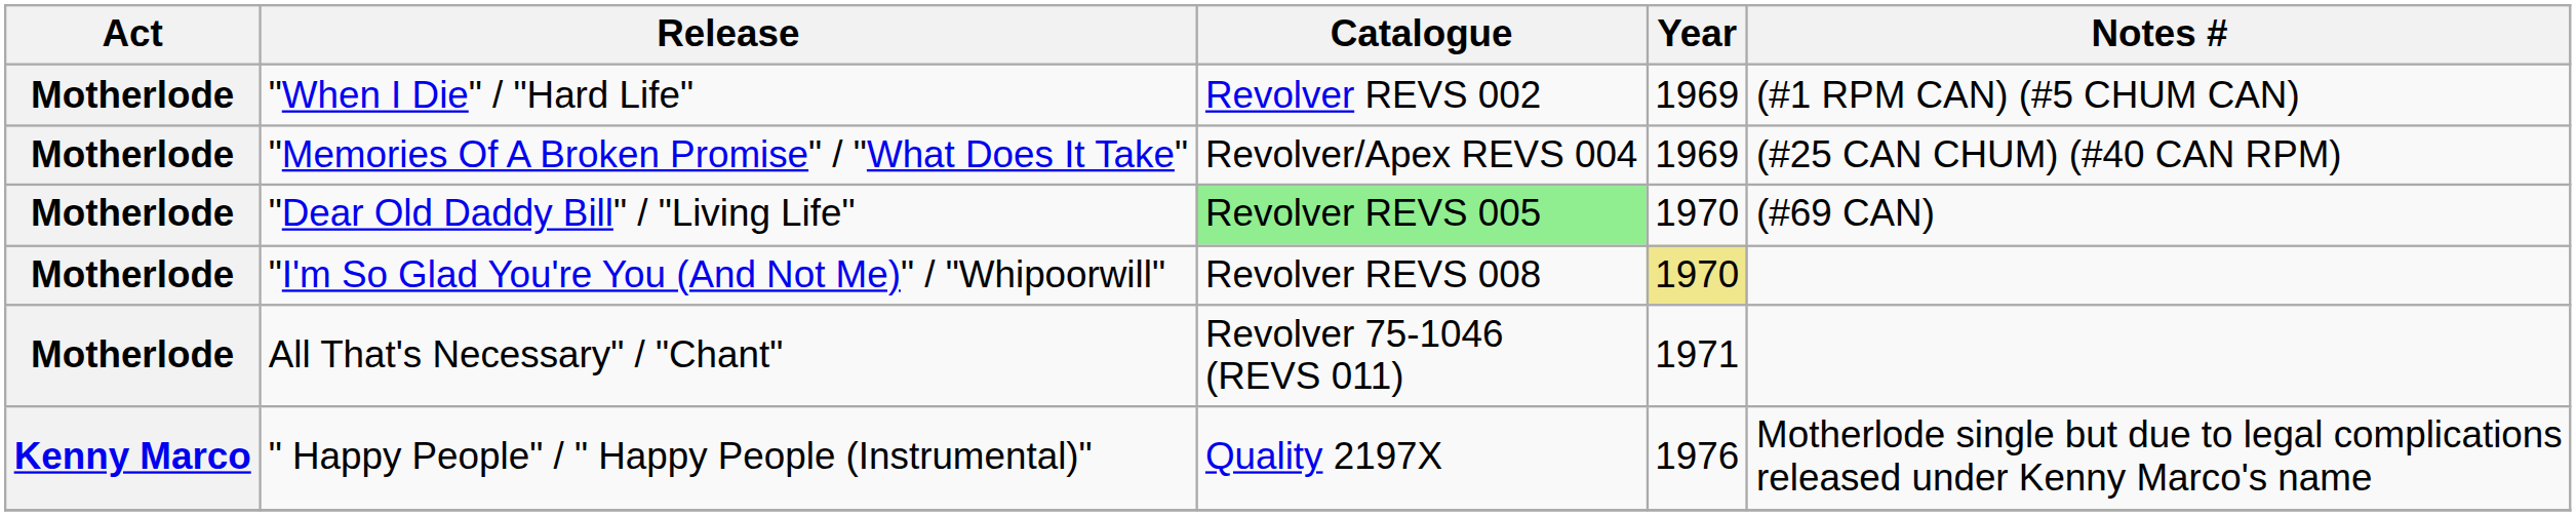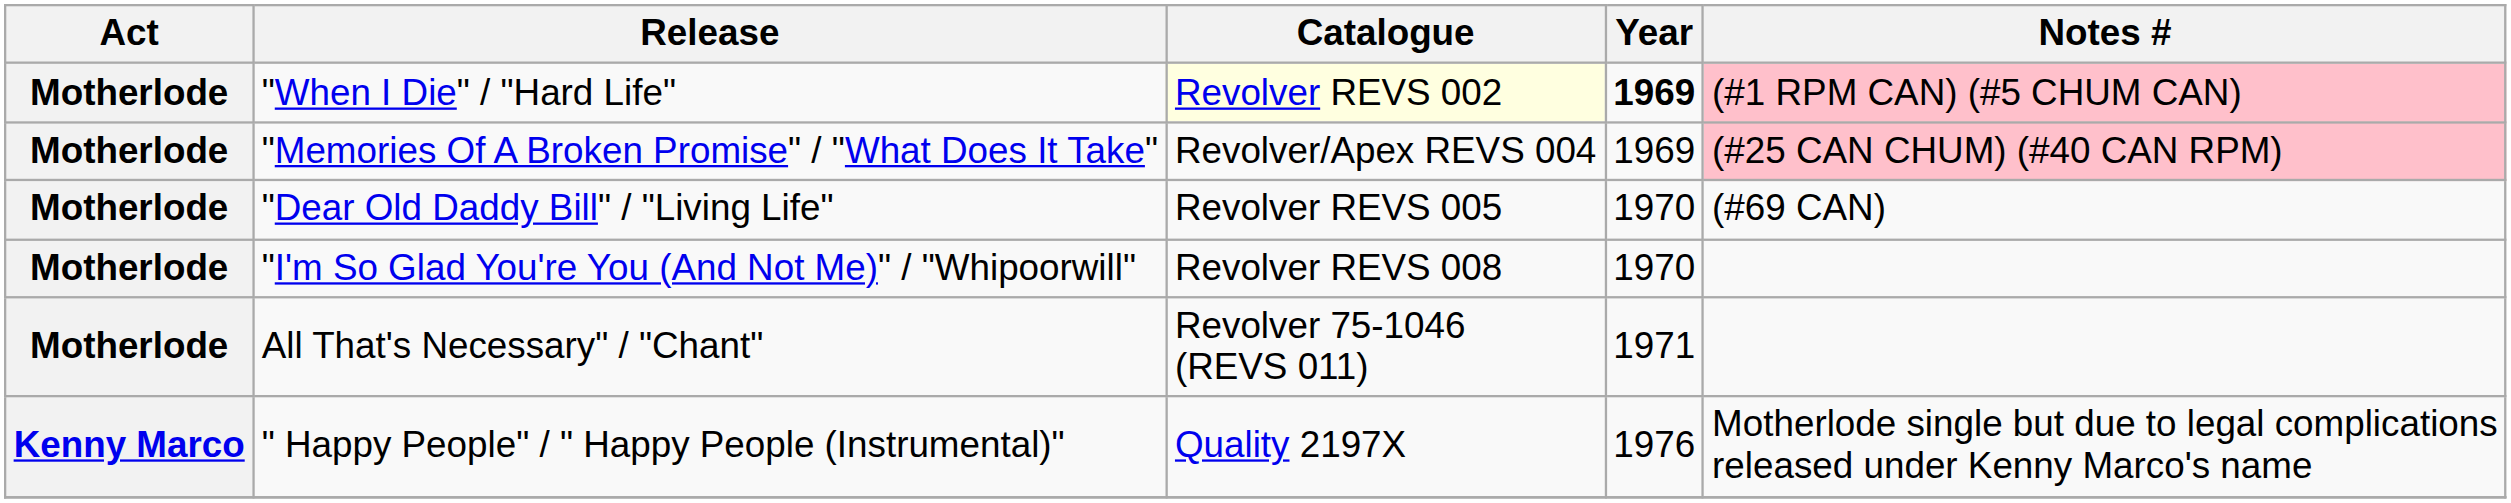 <table class="wikitable plainrowheaders sortable">
 <tr>
 <th scope="col" class="unsortable">Act</th>
 <th scope="col">Release</th>
 <th scope="col">Catalogue</th>
 <th scope="col">Year</th>
 <th scope="col" class="unsortable">Notes #</th>
 </tr>
 <tr>
 <th scope="row">Motherlode</th>
 <td>"<a href='#'>When I Die</a>" / "Hard Life"</td>
-<td><a href='#'>Revolver</a> REVS 002</td>
-<td>1969</td>
-<td>(#1 RPM CAN) (#5 CHUM CAN)</td>
+<td style="background: lightyellow;"><a href='#'>Revolver</a> REVS 002</td>
+<td><strong>1969</strong></td>
+<td style="background: pink;">(#1 RPM CAN) (#5 CHUM CAN)</td>
 </tr>
 <tr>
 <th scope="row">Motherlode</th>
 <td>"<a href='#'>Memories Of A Broken Promise</a>" / "<a href='#'>What Does It Take</a>"</td>
 <td>Revolver/Apex REVS 004</td>
 <td>1969</td>
-<td>(#25 CAN CHUM) (#40 CAN RPM)</td>
+<td style="background: pink;">(#25 CAN CHUM) (#40 CAN RPM)</td>
 </tr>
 <tr>
 <th scope="row">Motherlode</th>
 <td>"<a href='#'>Dear Old Daddy Bill</a>" / "Living Life"</td>
-<td style="background: lightgreen;">Revolver REVS 005</td>
+<td>Revolver REVS 005</td>
 <td>1970</td>
 <td>(#69 CAN)</td>
 </tr>
 <tr>
 <th scope="row">Motherlode</th>
 <td>"<a href='#'>I'm So Glad You're You (And Not Me)</a>" / "Whipoorwill"</td>
 <td>Revolver REVS 008</td>
-<td style="background: khaki;">1970</td>
+<td>1970</td>
 <td></td>
 </tr>
 <tr>
 <th scope="row">Motherlode</th>
 <td>All That's Necessary" / "Chant"</td>
 <td>Revolver 75-1046<br>(REVS 011)</td>
 <td>1971</td>
 <td></td>
 </tr>
 <tr>
 <th scope="row"><a href='#'>Kenny Marco</a></th>
 <td>" Happy People" / " Happy People (Instrumental)"</td>
 <td><a href='#'>Quality</a>  2197X</td>
 <td>1976</td>
 <td>Motherlode single but due to legal complications<br>released under Kenny Marco's name</td>
 </tr>
 <tr>
 </tr>
 </table>
